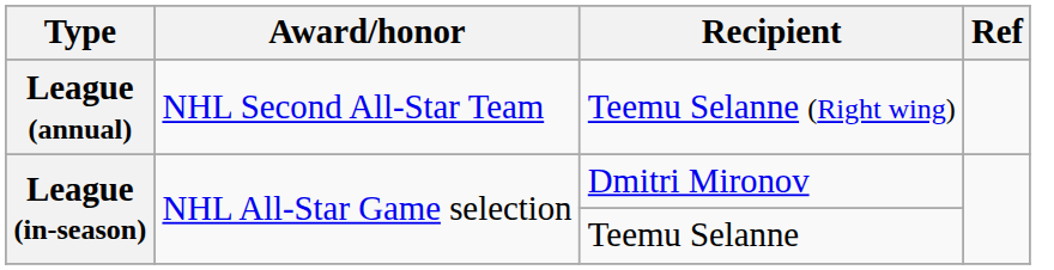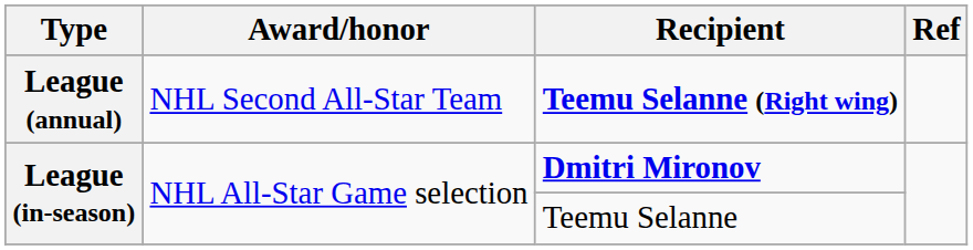 <table class="wikitable">
 <tr>
 <th scope="col">Type</th>
 <th scope="col">Award/honor</th>
 <th scope="col">Recipient</th>
 <th scope="col">Ref</th>
 </tr>
 <tr>
 <th scope="row">League<br><small>(annual)</small></th>
 <td><a href='#'>NHL Second All-Star Team</a></td>
-<td><a href='#'>Teemu Selanne</a> <small>(<a href='#'>Right wing</a>)</small></td>
+<td><strong><a href='#'>Teemu Selanne</a> <small>(<a href='#'>Right wing</a>)</small></strong></td>
 <td></td>
 </tr>
 <tr>
 <th scope="row" rowspan=2>League<br><small>(in-season)</small></th>
 <td rowspan=2><a href='#'>NHL All-Star Game</a> selection</td>
-<td><a href='#'>Dmitri Mironov</a></td>
+<td><strong><a href='#'>Dmitri Mironov</a></strong></td>
 <td rowspan=2></td>
 </tr>
 <tr>
 <td>Teemu Selanne</td>
 </tr>
 </table>
